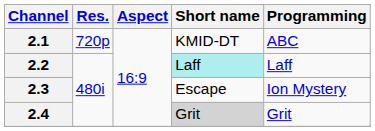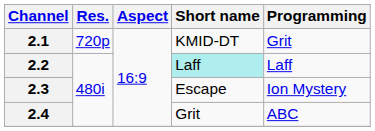 <table class="wikitable">
 <tr>
 <th scope = "col"><a href='#'>Channel</a></th>
 <th scope = "col"><a href='#'>Res.</a></th>
 <th scope = "col"><a href='#'>Aspect</a></th>
 <th scope = "col">Short name</th>
 <th scope = "col">Programming</th>
 </tr>
 <tr>
 <th scope = "row">2.1</th>
 <td><a href='#'>720p</a></td>
 <td rowspan=4><a href='#'>16:9</a></td>
 <td>KMID-DT</td>
-<td><a href='#'>ABC</a></td>
+<td><a href='#'>Grit</a></td>
 </tr>
 <tr>
 <th scope = "row">2.2</th>
 <td rowspan=3><a href='#'>480i</a></td>
 <td style="background: paleturquoise;">Laff</td>
 <td><a href='#'>Laff</a></td>
 </tr>
 <tr>
 <th scope = "row">2.3</th>
 <td>Escape</td>
 <td><a href='#'>Ion Mystery</a></td>
 </tr>
 <tr>
 <th scope = "row">2.4</th>
-<td style="background: lightgrey;">Grit</td>
-<td><a href='#'>Grit</a></td>
+<td>Grit</td>
+<td><a href='#'>ABC</a></td>
 </tr>
 <tr>
 </tr>
 </table>
